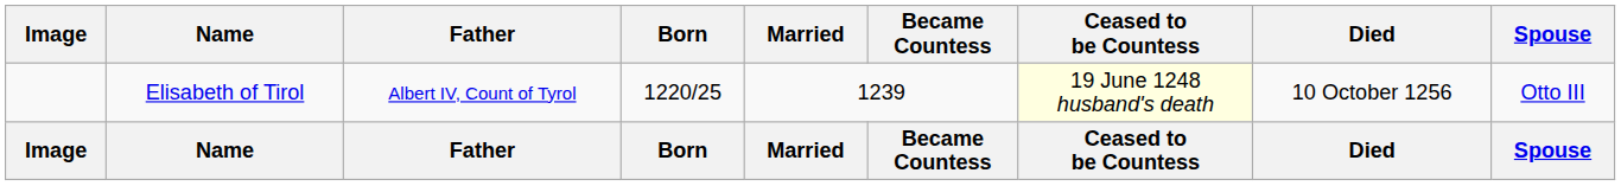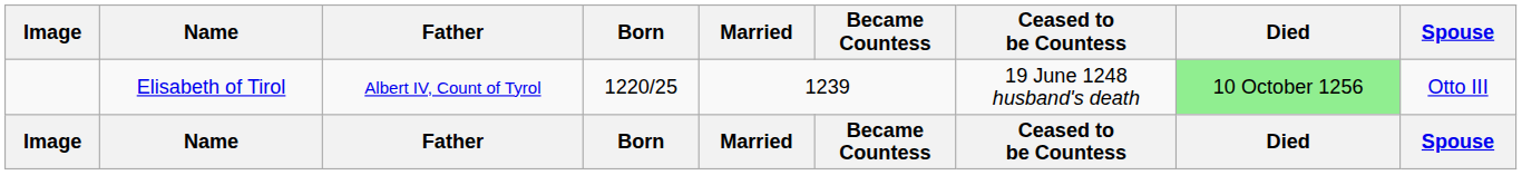 <table width=95% class="wikitable">
 <tr>
 <th>Image</th>
 <th>Name</th>
 <th>Father</th>
 <th>Born</th>
 <th>Married</th>
 <th>Became<br>Countess</th>
 <th>Ceased to<br>be Countess</th>
 <th>Died</th>
 <th><a href='#'>Spouse</a></th>
 </tr>
 <tr>
 <td align="center"></td>
 <td align="center"><a href='#'>Elisabeth of Tirol</a></td>
 <td align="center"><small><a href='#'>Albert IV, Count of Tyrol</a></small></td>
 <td align=center>1220/25</td>
 <td align="center" colspan="2">1239</td>
-<td align=center style="background: lightyellow;">19 June 1248<br><em>husband's death</em></td>
-<td align="center">10 October 1256</td>
+<td align=center>19 June 1248<br><em>husband's death</em></td>
+<td align="center" style="background: lightgreen;">10 October 1256</td>
 <td align="center"><a href='#'>Otto III</a></td>
 </tr>
 <tr>
 <th>Image</th>
 <th>Name</th>
 <th>Father</th>
 <th>Born</th>
 <th>Married</th>
 <th>Became<br>Countess</th>
 <th>Ceased to<br>be Countess</th>
 <th>Died</th>
 <th><a href='#'>Spouse</a></th>
 </tr>
 </table>
